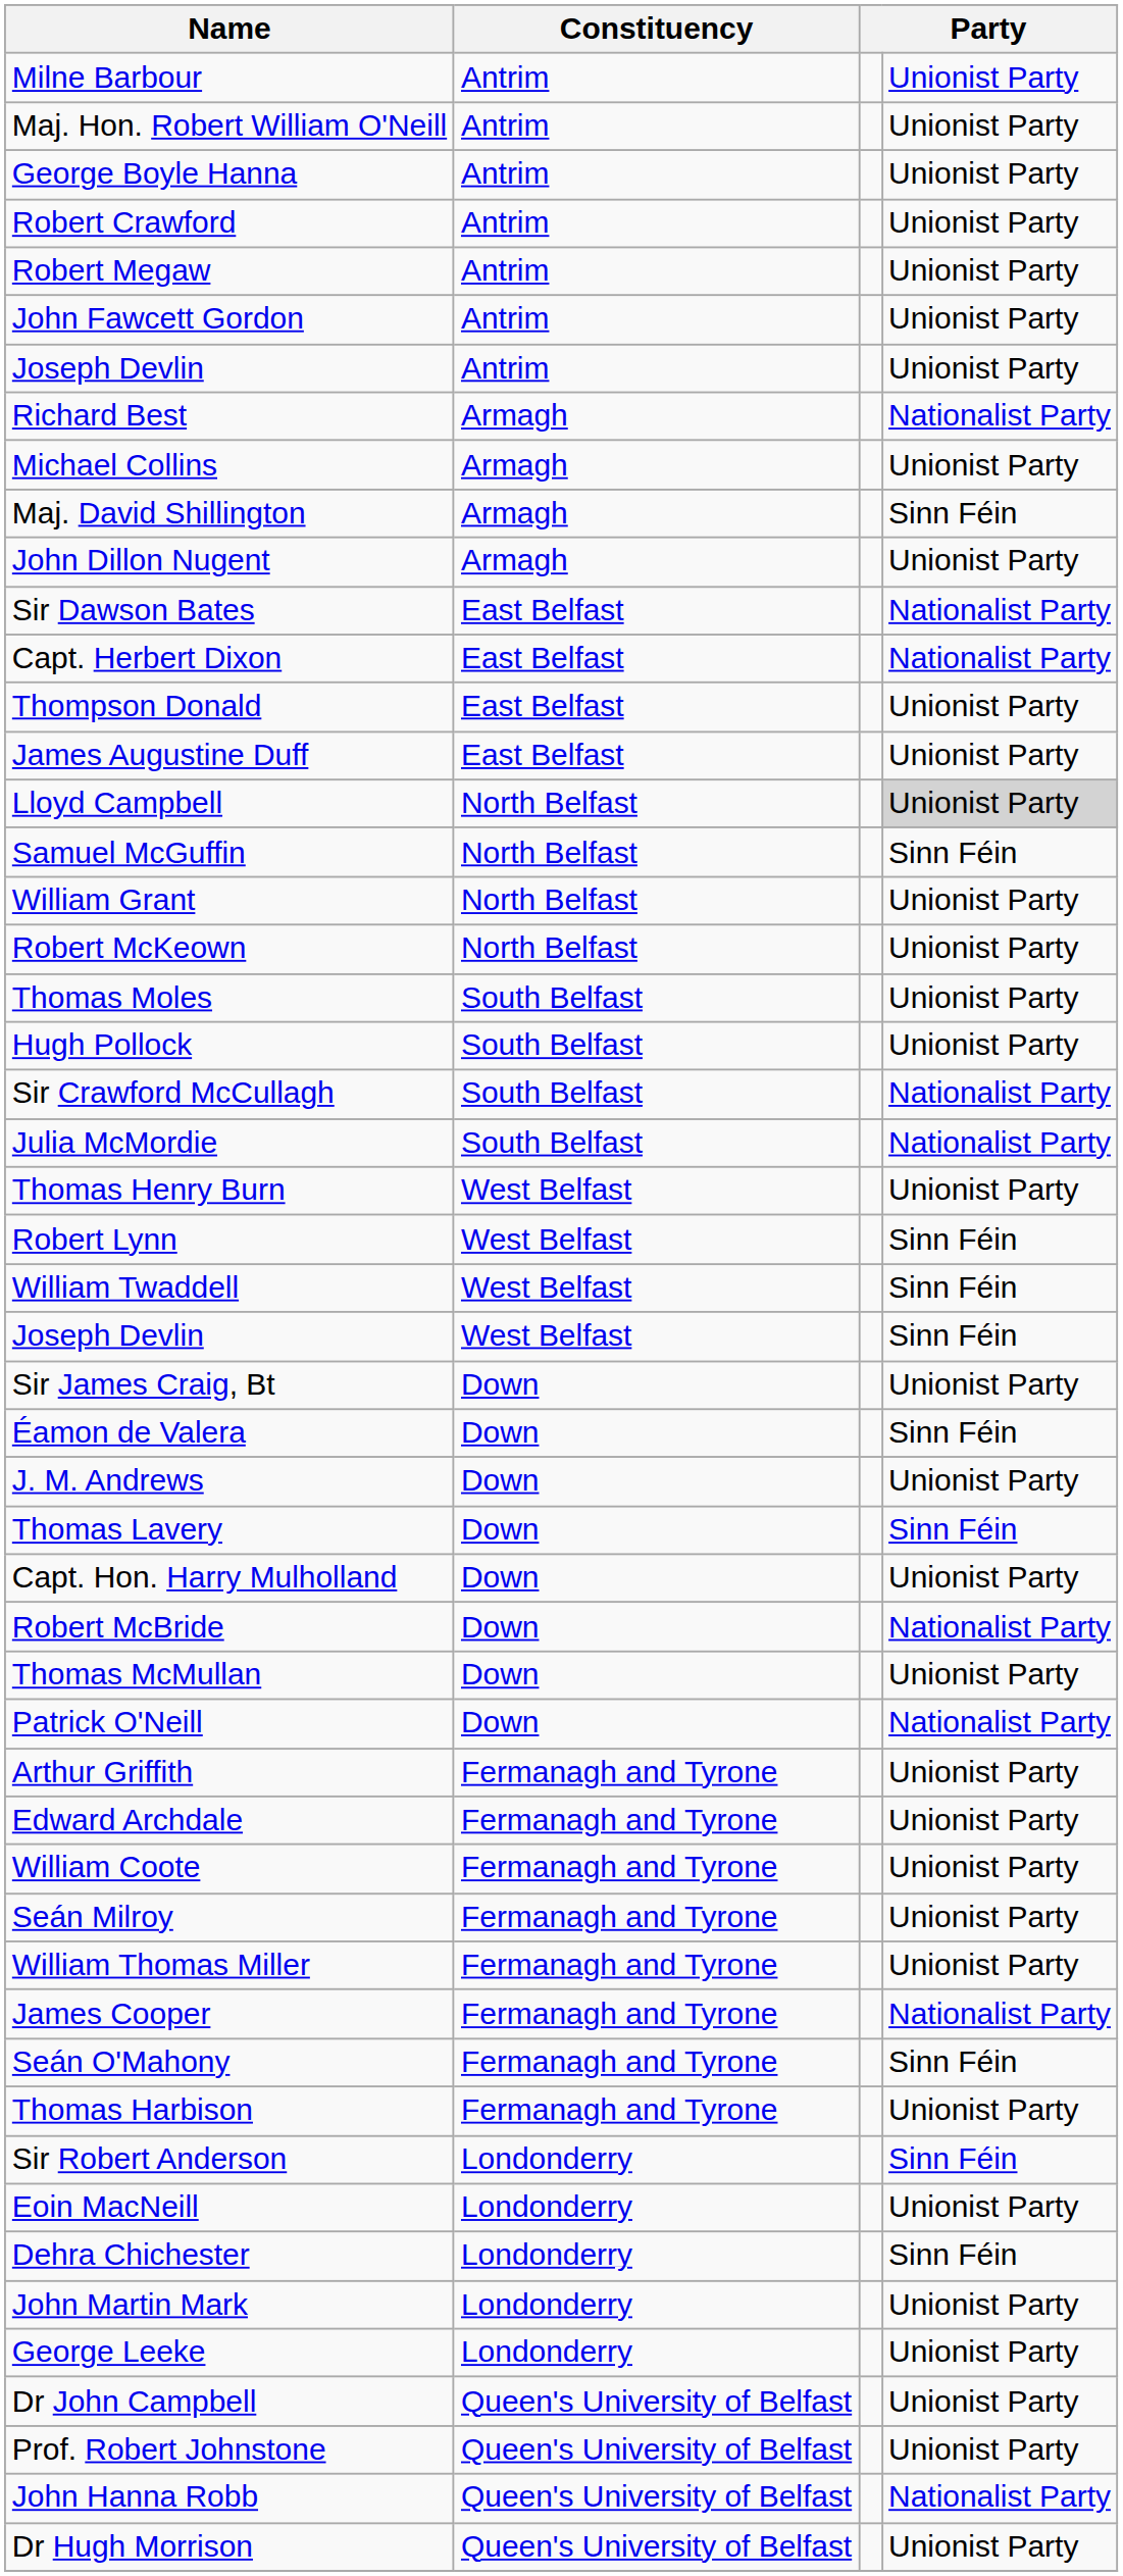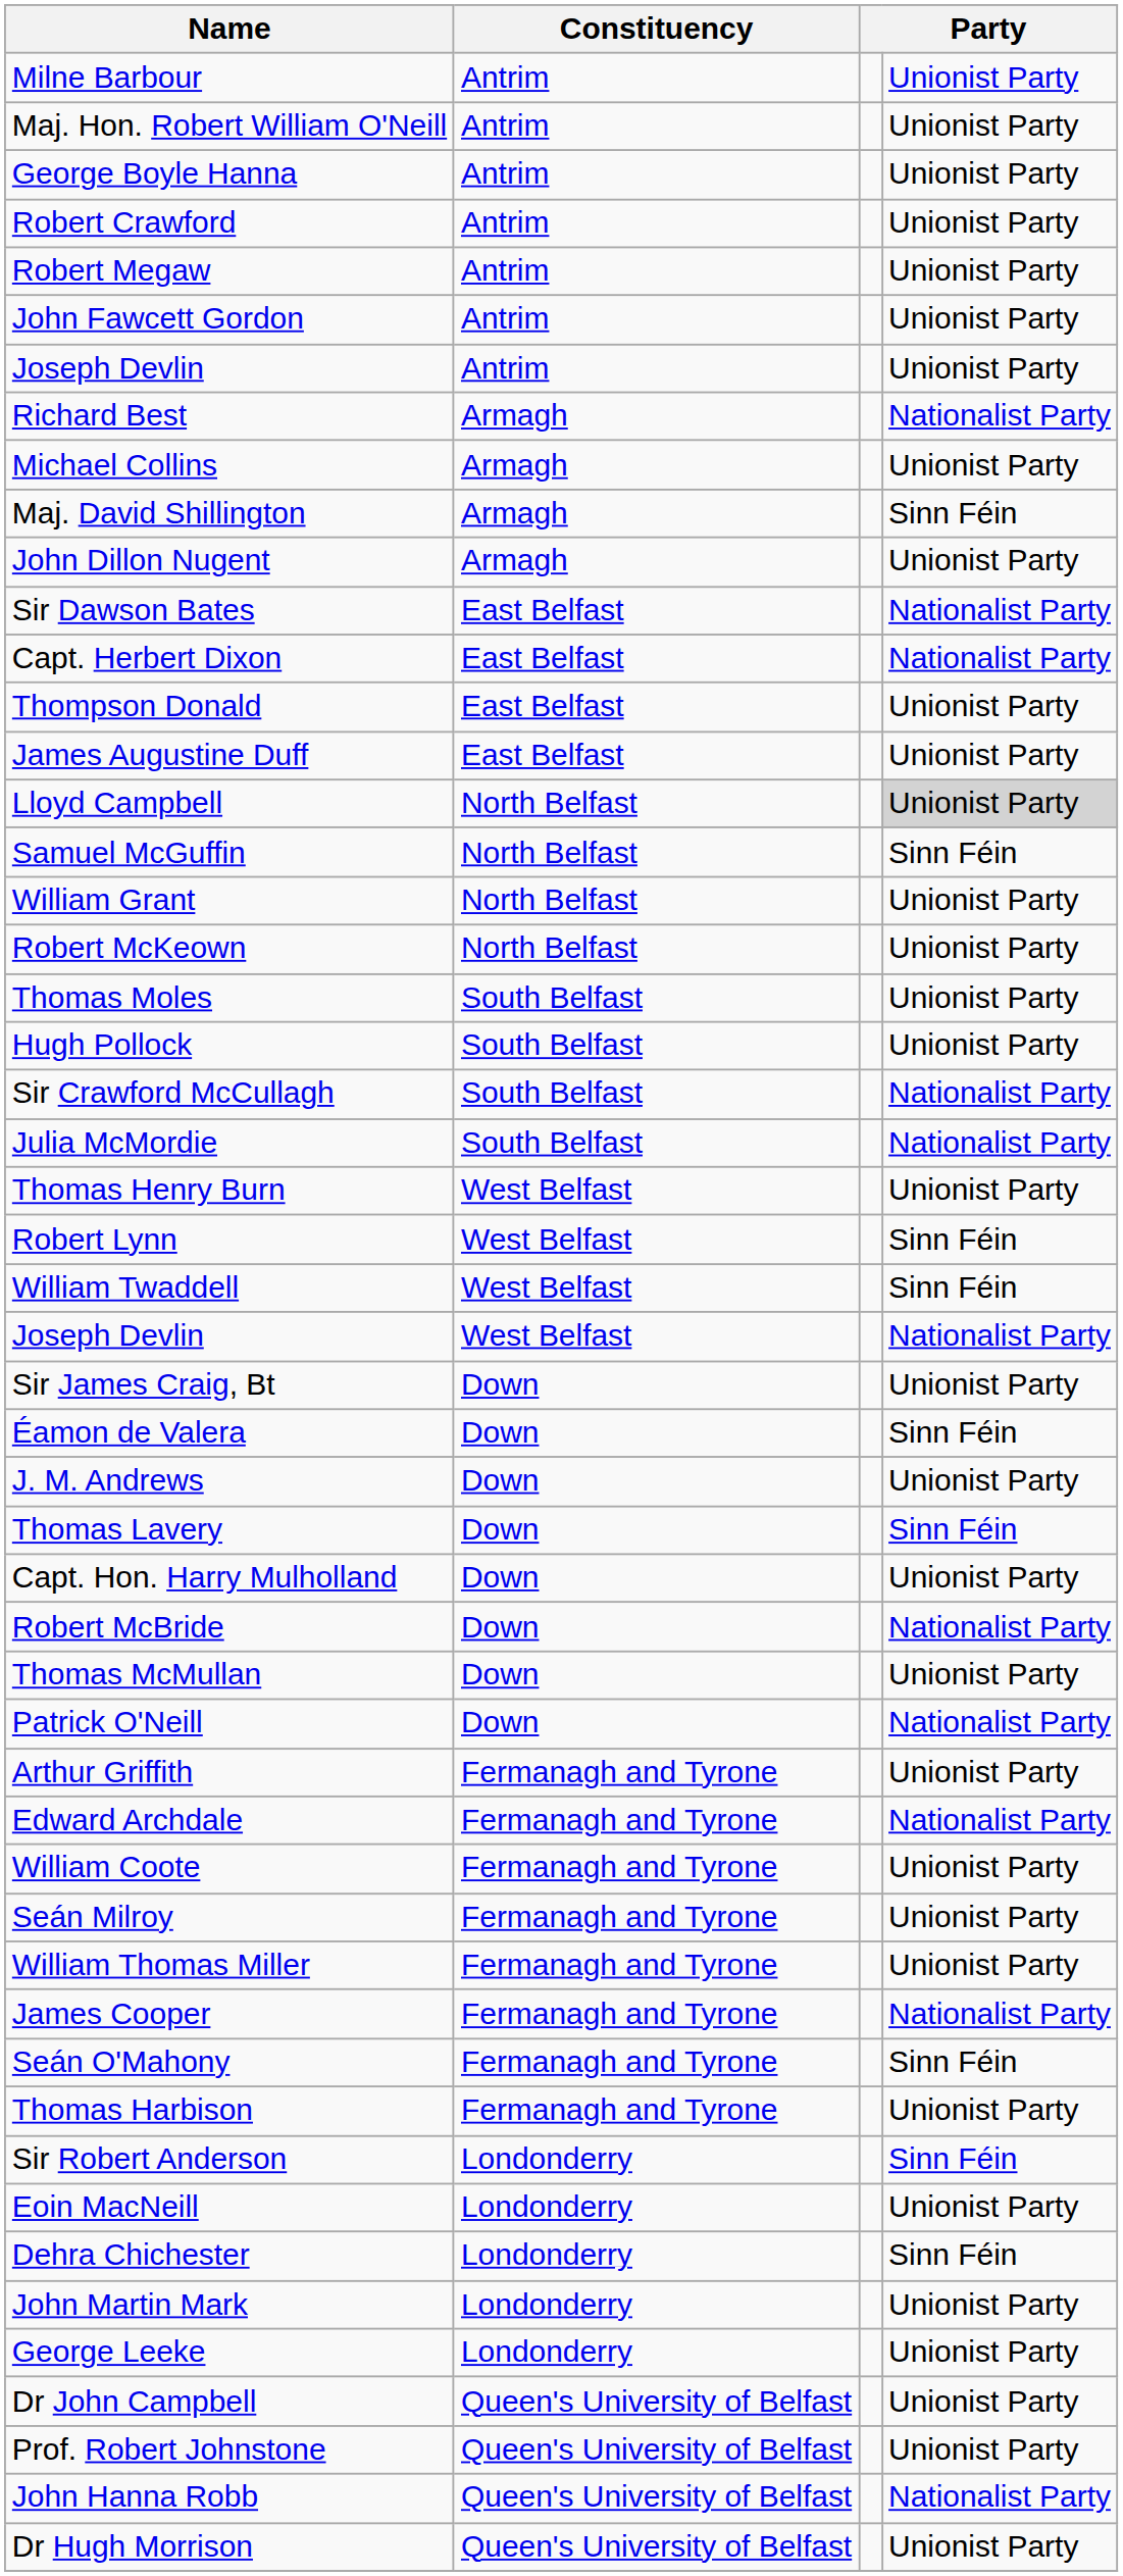 <table class="wikitable sortable">
 <tr>
 <th>Name</th>
 <th>Constituency</th>
 <th colspan="2">Party</th>
 </tr>
 <tr>
 <td><a href='#'>Milne Barbour</a></td>
 <td><a href='#'>Antrim</a></td>
 <td style="background: "> </td>
 <td><a href='#'>Unionist Party</a></td>
 </tr>
 <tr>
 <td>Maj. Hon. <a href='#'>Robert William O'Neill</a></td>
 <td><a href='#'>Antrim</a></td>
 <td style="background: "> </td>
 <td>Unionist Party</td>
 </tr>
 <tr>
 <td><a href='#'>George Boyle Hanna</a></td>
 <td><a href='#'>Antrim</a></td>
 <td style="background: "> </td>
 <td>Unionist Party</td>
 </tr>
 <tr>
 <td><a href='#'>Robert Crawford</a></td>
 <td><a href='#'>Antrim</a></td>
 <td style="background: "> </td>
 <td>Unionist Party</td>
 </tr>
 <tr>
 <td><a href='#'>Robert Megaw</a></td>
 <td><a href='#'>Antrim</a></td>
 <td style="background: "> </td>
 <td>Unionist Party</td>
 </tr>
 <tr>
 <td><a href='#'>John Fawcett Gordon</a></td>
 <td><a href='#'>Antrim</a></td>
 <td style="background: "> </td>
 <td>Unionist Party</td>
 </tr>
 <tr>
 <td><a href='#'>Joseph Devlin</a></td>
 <td><a href='#'>Antrim</a></td>
 <td style="background: "> </td>
 <td>Unionist Party</td>
 </tr>
 <tr>
 <td><a href='#'>Richard Best</a></td>
 <td><a href='#'>Armagh</a></td>
 <td style="background: "> </td>
 <td><a href='#'>Nationalist Party</a></td>
 </tr>
 <tr>
 <td><a href='#'>Michael Collins</a></td>
 <td><a href='#'>Armagh</a></td>
 <td style="background: "> </td>
 <td>Unionist Party</td>
 </tr>
 <tr>
 <td>Maj. <a href='#'>David Shillington</a></td>
 <td><a href='#'>Armagh</a></td>
 <td style="background: "> </td>
 <td>Sinn Féin</td>
 </tr>
 <tr>
 <td><a href='#'>John Dillon Nugent</a></td>
 <td><a href='#'>Armagh</a></td>
 <td style="background: "> </td>
 <td>Unionist Party</td>
 </tr>
 <tr>
 <td>Sir <a href='#'>Dawson Bates</a></td>
 <td><a href='#'>East Belfast</a></td>
 <td style="background: "> </td>
 <td><a href='#'>Nationalist Party</a></td>
 </tr>
 <tr>
 <td>Capt. <a href='#'>Herbert Dixon</a></td>
 <td><a href='#'>East Belfast</a></td>
 <td style="background: "> </td>
 <td><a href='#'>Nationalist Party</a></td>
 </tr>
 <tr>
 <td><a href='#'>Thompson Donald</a></td>
 <td><a href='#'>East Belfast</a></td>
 <td style="background: "> </td>
 <td>Unionist Party</td>
 </tr>
 <tr>
 <td><a href='#'>James Augustine Duff</a></td>
 <td><a href='#'>East Belfast</a></td>
 <td style="background: "> </td>
 <td>Unionist Party</td>
 </tr>
 <tr>
 <td><a href='#'>Lloyd Campbell</a></td>
 <td><a href='#'>North Belfast</a></td>
 <td style="background: "> </td>
 <td style="background: lightgrey;">Unionist Party</td>
 </tr>
 <tr>
 <td><a href='#'>Samuel McGuffin</a></td>
 <td><a href='#'>North Belfast</a></td>
 <td style="background: "> </td>
 <td>Sinn Féin</td>
 </tr>
 <tr>
 <td><a href='#'>William Grant</a></td>
 <td><a href='#'>North Belfast</a></td>
 <td style="background: "> </td>
 <td>Unionist Party</td>
 </tr>
 <tr>
 <td><a href='#'>Robert McKeown</a></td>
 <td><a href='#'>North Belfast</a></td>
 <td style="background: "> </td>
 <td>Unionist Party</td>
 </tr>
 <tr>
 <td><a href='#'>Thomas Moles</a></td>
 <td><a href='#'>South Belfast</a></td>
 <td style="background: "> </td>
 <td>Unionist Party</td>
 </tr>
 <tr>
 <td><a href='#'>Hugh Pollock</a></td>
 <td><a href='#'>South Belfast</a></td>
 <td style="background: "> </td>
 <td>Unionist Party</td>
 </tr>
 <tr>
 <td>Sir <a href='#'>Crawford McCullagh</a></td>
 <td><a href='#'>South Belfast</a></td>
 <td style="background: "> </td>
 <td><a href='#'>Nationalist Party</a></td>
 </tr>
 <tr>
 <td><a href='#'>Julia McMordie</a></td>
 <td><a href='#'>South Belfast</a></td>
 <td style="background: "> </td>
 <td><a href='#'>Nationalist Party</a></td>
 </tr>
 <tr>
 <td><a href='#'>Thomas Henry Burn</a></td>
 <td><a href='#'>West Belfast</a></td>
 <td style="background: "> </td>
 <td>Unionist Party</td>
 </tr>
 <tr>
 <td><a href='#'>Robert Lynn</a></td>
 <td><a href='#'>West Belfast</a></td>
 <td style="background: "> </td>
 <td>Sinn Féin</td>
 </tr>
 <tr>
 <td><a href='#'>William Twaddell</a></td>
 <td><a href='#'>West Belfast</a></td>
 <td style="background: "> </td>
 <td>Sinn Féin</td>
 </tr>
 <tr>
 <td><a href='#'>Joseph Devlin</a></td>
 <td><a href='#'>West Belfast</a></td>
 <td style="background: "> </td>
-<td>Sinn Féin</td>
+<td><a href='#'>Nationalist Party</a></td>
 </tr>
 <tr>
 <td>Sir <a href='#'>James Craig</a>, Bt</td>
 <td><a href='#'>Down</a></td>
 <td style="background: "> </td>
 <td>Unionist Party</td>
 </tr>
 <tr>
 <td><a href='#'>Éamon de Valera</a></td>
 <td><a href='#'>Down</a></td>
 <td style="background: "> </td>
 <td>Sinn Féin</td>
 </tr>
 <tr>
 <td><a href='#'>J. M. Andrews</a></td>
 <td><a href='#'>Down</a></td>
 <td style="background: "> </td>
 <td>Unionist Party</td>
 </tr>
 <tr>
 <td><a href='#'>Thomas Lavery</a></td>
 <td><a href='#'>Down</a></td>
 <td style="background: "> </td>
 <td><a href='#'>Sinn Féin</a></td>
 </tr>
 <tr>
 <td>Capt. Hon. <a href='#'>Harry Mulholland</a></td>
 <td><a href='#'>Down</a></td>
 <td style="background: "> </td>
 <td>Unionist Party</td>
 </tr>
 <tr>
 <td><a href='#'>Robert McBride</a></td>
 <td><a href='#'>Down</a></td>
 <td style="background: "> </td>
 <td><a href='#'>Nationalist Party</a></td>
 </tr>
 <tr>
 <td><a href='#'>Thomas McMullan</a></td>
 <td><a href='#'>Down</a></td>
 <td style="background: "> </td>
 <td>Unionist Party</td>
 </tr>
 <tr>
 <td><a href='#'>Patrick O'Neill</a></td>
 <td><a href='#'>Down</a></td>
 <td style="background: "> </td>
 <td><a href='#'>Nationalist Party</a></td>
 </tr>
 <tr>
 <td><a href='#'>Arthur Griffith</a></td>
 <td><a href='#'>Fermanagh and Tyrone</a></td>
 <td style="background: "> </td>
 <td>Unionist Party</td>
 </tr>
 <tr>
 <td><a href='#'>Edward Archdale</a></td>
 <td><a href='#'>Fermanagh and Tyrone</a></td>
 <td style="background: "> </td>
-<td>Unionist Party</td>
+<td><a href='#'>Nationalist Party</a></td>
 </tr>
 <tr>
 <td><a href='#'>William Coote</a></td>
 <td><a href='#'>Fermanagh and Tyrone</a></td>
 <td style="background: "> </td>
 <td>Unionist Party</td>
 </tr>
 <tr>
 <td><a href='#'>Seán Milroy</a></td>
 <td><a href='#'>Fermanagh and Tyrone</a></td>
 <td style="background: "> </td>
 <td>Unionist Party</td>
 </tr>
 <tr>
 <td><a href='#'>William Thomas Miller</a></td>
 <td><a href='#'>Fermanagh and Tyrone</a></td>
 <td style="background: "> </td>
 <td>Unionist Party</td>
 </tr>
 <tr>
 <td><a href='#'>James Cooper</a></td>
 <td><a href='#'>Fermanagh and Tyrone</a></td>
 <td style="background: "> </td>
 <td><a href='#'>Nationalist Party</a></td>
 </tr>
 <tr>
 <td><a href='#'>Seán O'Mahony</a></td>
 <td><a href='#'>Fermanagh and Tyrone</a></td>
 <td style="background: "> </td>
 <td>Sinn Féin</td>
 </tr>
 <tr>
 <td><a href='#'>Thomas Harbison</a></td>
 <td><a href='#'>Fermanagh and Tyrone</a></td>
 <td style="background: "> </td>
 <td>Unionist Party</td>
 </tr>
 <tr>
 <td>Sir <a href='#'>Robert Anderson</a></td>
 <td><a href='#'>Londonderry</a></td>
 <td style="background: "> </td>
 <td><a href='#'>Sinn Féin</a></td>
 </tr>
 <tr>
 <td><a href='#'>Eoin MacNeill</a></td>
 <td><a href='#'>Londonderry</a></td>
 <td style="background: "> </td>
 <td>Unionist Party</td>
 </tr>
 <tr>
 <td><a href='#'>Dehra Chichester</a></td>
 <td><a href='#'>Londonderry</a></td>
 <td style="background: "> </td>
 <td>Sinn Féin</td>
 </tr>
 <tr>
 <td><a href='#'>John Martin Mark</a></td>
 <td><a href='#'>Londonderry</a></td>
 <td style="background: "> </td>
 <td>Unionist Party</td>
 </tr>
 <tr>
 <td><a href='#'>George Leeke</a></td>
 <td><a href='#'>Londonderry</a></td>
 <td style="background: "> </td>
 <td>Unionist Party</td>
 </tr>
 <tr>
 <td>Dr <a href='#'>John Campbell</a></td>
 <td><a href='#'>Queen's University of Belfast</a></td>
 <td style="background: "> </td>
 <td>Unionist Party</td>
 </tr>
 <tr>
 <td>Prof. <a href='#'>Robert Johnstone</a></td>
 <td><a href='#'>Queen's University of Belfast</a></td>
 <td style="background: "> </td>
 <td>Unionist Party</td>
 </tr>
 <tr>
 <td><a href='#'>John Hanna Robb</a></td>
 <td><a href='#'>Queen's University of Belfast</a></td>
 <td style="background: "> </td>
 <td><a href='#'>Nationalist Party</a></td>
 </tr>
 <tr>
 <td>Dr <a href='#'>Hugh Morrison</a></td>
 <td><a href='#'>Queen's University of Belfast</a></td>
 <td style="background: "> </td>
 <td>Unionist Party</td>
 </tr>
 <tr>
 </tr>
 </table>
